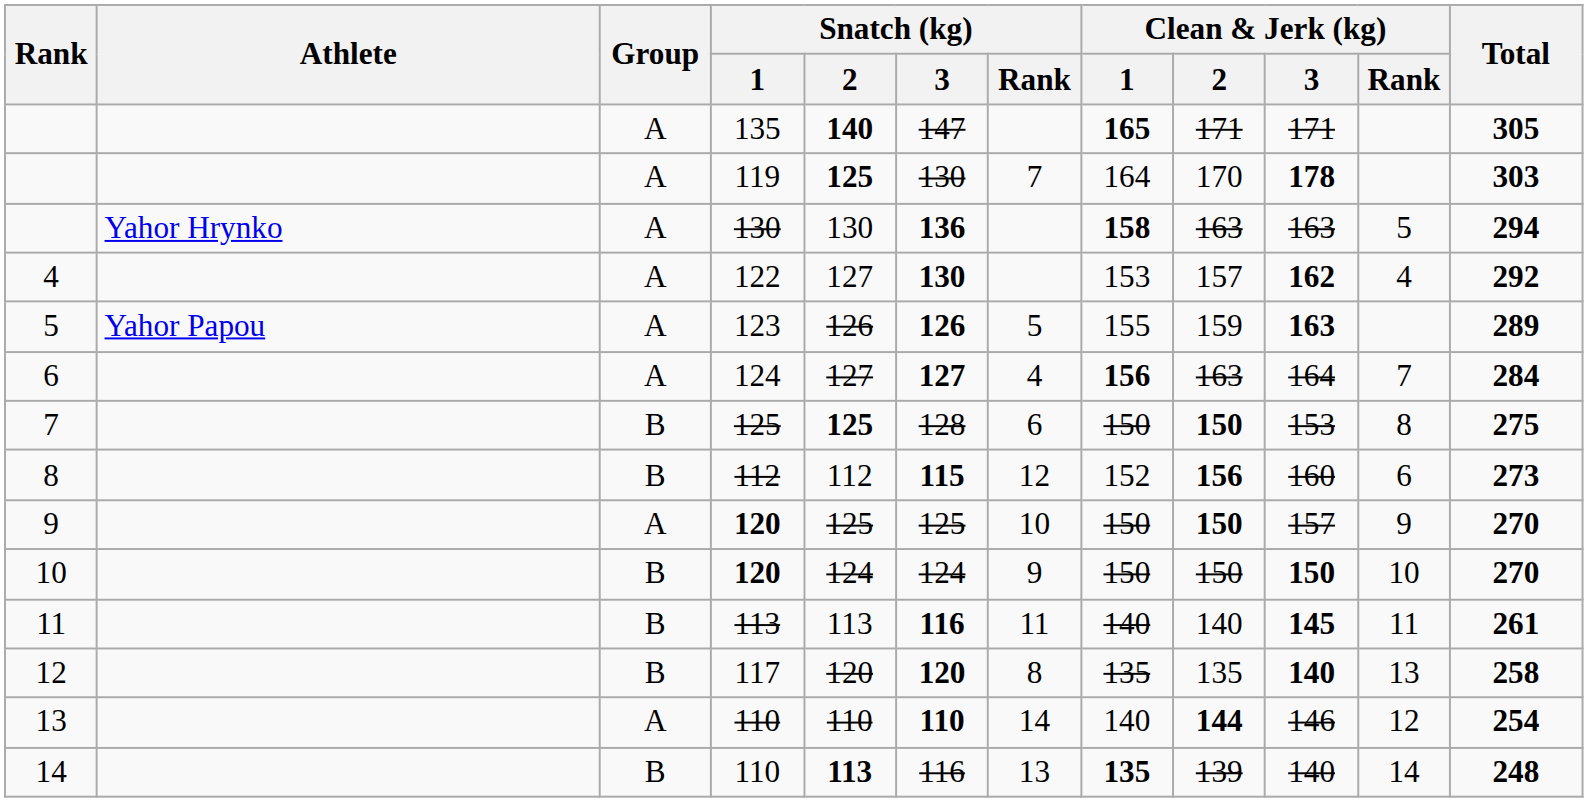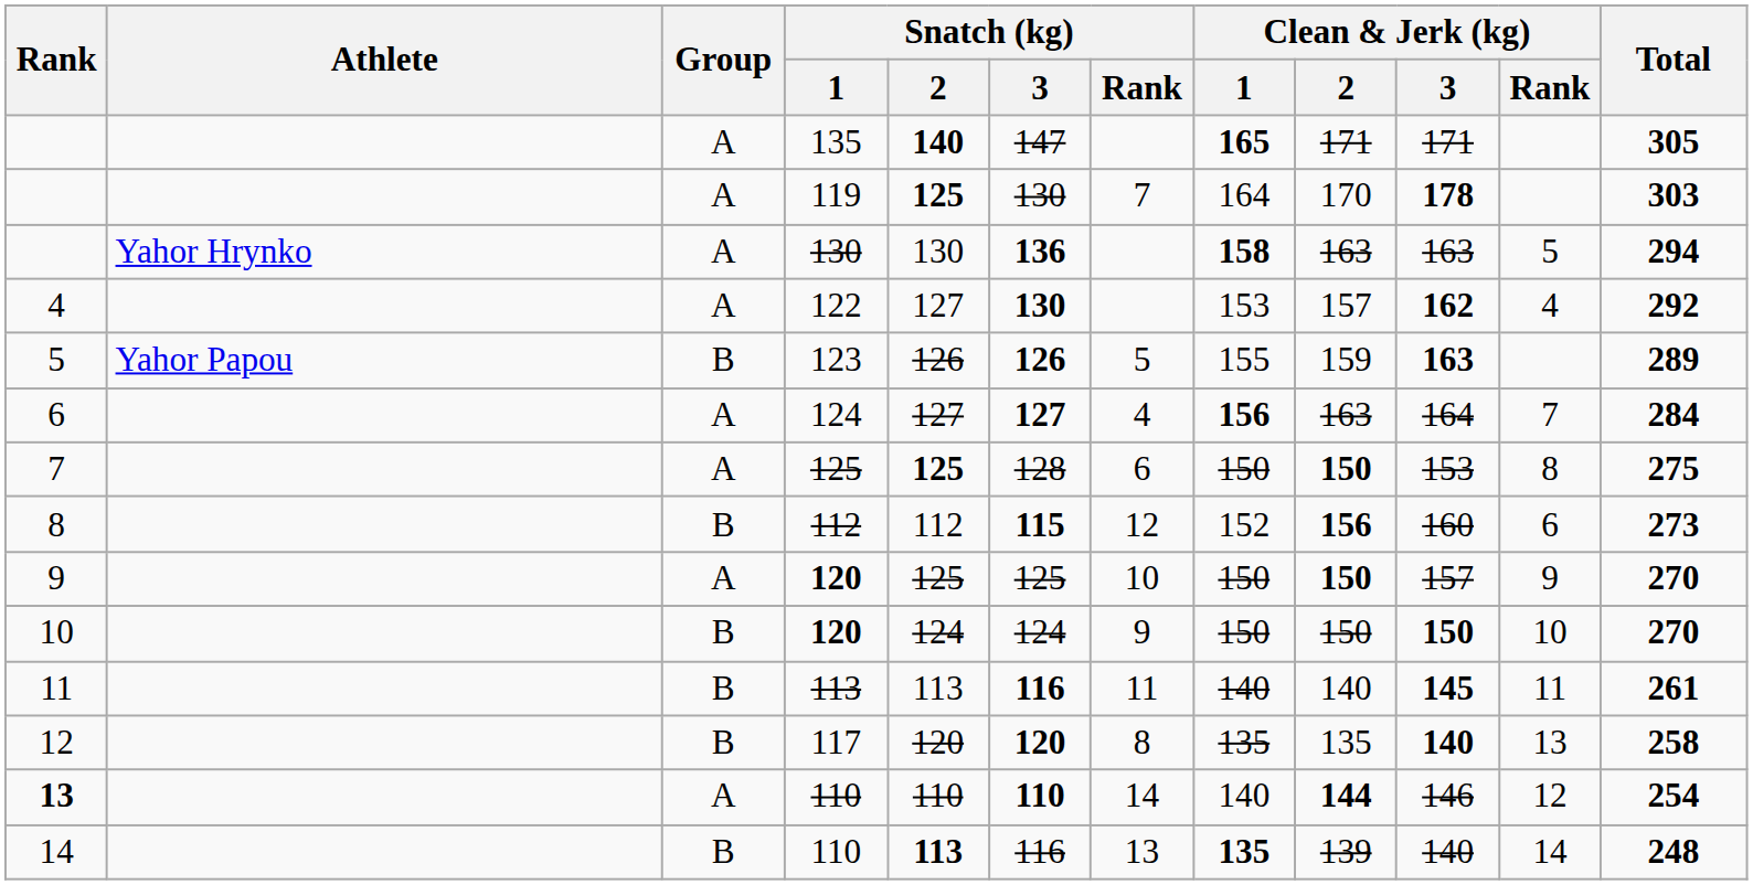 <table class = "wikitable" style="text-align:center;">
 <tr>
 <th rowspan=2 width=40>Rank</th>
 <th rowspan=2 width=250>Athlete</th>
 <th rowspan=2 width=50>Group</th>
 <th colspan=4>Snatch (kg)</th>
 <th colspan=4>Clean & Jerk (kg)</th>
 <th rowspan=2 width=60>Total</th>
 </tr>
 <tr>
 <th width=40>1</th>
 <th width=40>2</th>
 <th width=40>3</th>
 <th width=40>Rank</th>
 <th width=40>1</th>
 <th width=40>2</th>
 <th width=40>3</th>
 <th width=40>Rank</th>
 </tr>
 <tr>
 <td></td>
 <td align=left></td>
 <td>A</td>
 <td>135</td>
 <td><strong>140</strong></td>
 <td><s>147</s></td>
 <td></td>
 <td><strong>165</strong></td>
 <td><s>171</s></td>
 <td><s>171</s></td>
 <td></td>
 <td><strong>305</strong></td>
 </tr>
 <tr>
 <td></td>
 <td align=left></td>
 <td>A</td>
 <td>119</td>
 <td><strong>125</strong></td>
 <td><s>130</s></td>
 <td>7</td>
 <td>164</td>
 <td>170</td>
 <td><strong>178</strong></td>
 <td></td>
 <td><strong>303</strong></td>
 </tr>
 <tr>
 <td></td>
 <td align=left> <a href='#'>Yahor Hrynko</a> </td>
 <td>A</td>
 <td><s>130</s></td>
 <td>130</td>
 <td><strong>136</strong></td>
 <td></td>
 <td><strong>158</strong></td>
 <td><s>163</s></td>
 <td><s>163</s></td>
 <td>5</td>
 <td><strong>294</strong></td>
 </tr>
 <tr>
 <td>4</td>
 <td align=left></td>
 <td>A</td>
 <td>122</td>
 <td>127</td>
 <td><strong>130</strong></td>
 <td></td>
 <td>153</td>
 <td>157</td>
 <td><strong>162</strong></td>
 <td>4</td>
 <td><strong>292</strong></td>
 </tr>
 <tr>
 <td>5</td>
 <td align=left> <a href='#'>Yahor Papou</a> </td>
-<td>A</td>
+<td>B</td>
 <td>123</td>
 <td><s>126</s></td>
 <td><strong>126</strong></td>
 <td>5</td>
 <td>155</td>
 <td>159</td>
 <td><strong>163</strong></td>
 <td></td>
 <td><strong>289</strong></td>
 </tr>
 <tr>
 <td>6</td>
 <td align=left></td>
 <td>A</td>
 <td>124</td>
 <td><s>127</s></td>
 <td><strong>127</strong></td>
 <td>4</td>
 <td><strong>156</strong></td>
 <td><s>163</s></td>
 <td><s>164</s></td>
 <td>7</td>
 <td><strong>284</strong></td>
 </tr>
 <tr>
 <td>7</td>
 <td align=left></td>
-<td>B</td>
+<td>A</td>
 <td><s>125</s></td>
 <td><strong>125</strong></td>
 <td><s>128</s></td>
 <td>6</td>
 <td><s>150</s></td>
 <td><strong>150</strong></td>
 <td><s>153</s></td>
 <td>8</td>
 <td><strong>275</strong></td>
 </tr>
 <tr>
 <td>8</td>
 <td align=left></td>
 <td>B</td>
 <td><s>112</s></td>
 <td>112</td>
 <td><strong>115</strong></td>
 <td>12</td>
 <td>152</td>
 <td><strong>156</strong></td>
 <td><s>160</s></td>
 <td>6</td>
 <td><strong>273</strong></td>
 </tr>
 <tr>
 <td>9</td>
 <td align=left></td>
 <td>A</td>
 <td><strong>120</strong></td>
 <td><s>125</s></td>
 <td><s>125</s></td>
 <td>10</td>
 <td><s>150</s></td>
 <td><strong>150</strong></td>
 <td><s>157</s></td>
 <td>9</td>
 <td><strong>270</strong></td>
 </tr>
 <tr>
 <td>10</td>
 <td align=left></td>
 <td>B</td>
 <td><strong>120</strong></td>
 <td><s>124</s></td>
 <td><s>124</s></td>
 <td>9</td>
 <td><s>150</s></td>
 <td><s>150</s></td>
 <td><strong>150</strong></td>
 <td>10</td>
 <td><strong>270</strong></td>
 </tr>
 <tr>
 <td>11</td>
 <td align=left></td>
 <td>B</td>
 <td><s>113</s></td>
 <td>113</td>
 <td><strong>116</strong></td>
 <td>11</td>
 <td><s>140</s></td>
 <td>140</td>
 <td><strong>145</strong></td>
 <td>11</td>
 <td><strong>261</strong></td>
 </tr>
 <tr>
 <td>12</td>
 <td align=left></td>
 <td>B</td>
 <td>117</td>
 <td><s>120</s></td>
 <td><strong>120</strong></td>
 <td>8</td>
 <td><s>135</s></td>
 <td>135</td>
 <td><strong>140</strong></td>
 <td>13</td>
 <td><strong>258</strong></td>
 </tr>
 <tr>
-<td>13</td>
+<td><strong>13</strong></td>
 <td align=left></td>
 <td>A</td>
 <td><s>110</s></td>
 <td><s>110</s></td>
 <td><strong>110</strong></td>
 <td>14</td>
 <td>140</td>
 <td><strong>144</strong></td>
 <td><s>146</s></td>
 <td>12</td>
 <td><strong>254</strong></td>
 </tr>
 <tr>
 <td>14</td>
 <td align=left></td>
 <td>B</td>
 <td>110</td>
 <td><strong>113</strong></td>
 <td><s>116</s></td>
 <td>13</td>
 <td><strong>135</strong></td>
 <td><s>139</s></td>
 <td><s>140</s></td>
 <td>14</td>
 <td><strong>248</strong></td>
 </tr>
 </table>
